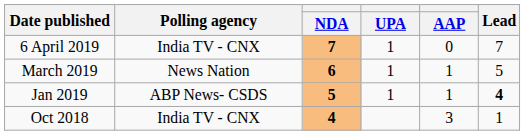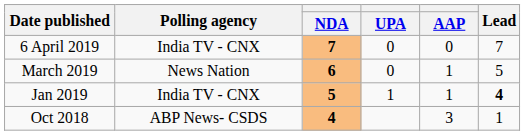 <table class="wikitable sortable" style="text-align:center;font-size:95%;line-height:16px">
 <tr>
 <th rowspan="2" width="100px">Date published</th>
 <th rowspan="2" width="175px">Polling agency</th>
 <th style="background:"></th>
 <th style="background:"></th>
 <th style="background:"></th>
 <th rowspan="2">Lead</th>
 </tr>
 <tr>
 <th width="50px" class="unsortable"><a href='#'>NDA</a></th>
 <th width="50px" class="unsortable"><a href='#'>UPA</a></th>
 <th width="50px" class="unsortable"><a href='#'>AAP</a></th>
 </tr>
 <tr>
 <td>6 April 2019</td>
 <td>India TV - CNX</td>
 <td style="background:#F9BC7F"><strong>7</strong></td>
-<td>1</td>
+<td>0</td>
 <td>0</td>
 <td style="background:"><span>7</span></td>
 </tr>
 <tr>
 <td>March 2019</td>
 <td>News Nation</td>
 <td style="background:#F9BC7F"><strong>6</strong></td>
-<td>1</td>
+<td>0</td>
 <td>1</td>
 <td style="background:"><span>5</span></td>
 </tr>
 <tr>
 <td>Jan 2019</td>
-<td>ABP News- CSDS</td>
+<td>India TV - CNX</td>
 <td style="background:#F9BC7F"><strong>5</strong></td>
 <td>1</td>
 <td>1</td>
 <td style="background:"><strong><span>4</span></strong></td>
 </tr>
 <tr>
 <td>Oct 2018</td>
-<td>India TV - CNX</td>
+<td>ABP News- CSDS</td>
 <td style="background:#F9BC7F"><strong>4</strong></td>
 <td></td>
 <td>3</td>
 <td style="background:"><span>1</span></td>
 </tr>
 </table>
